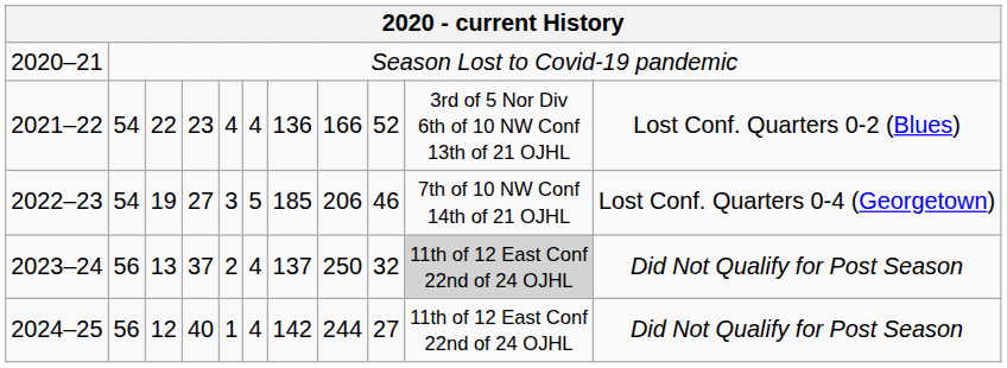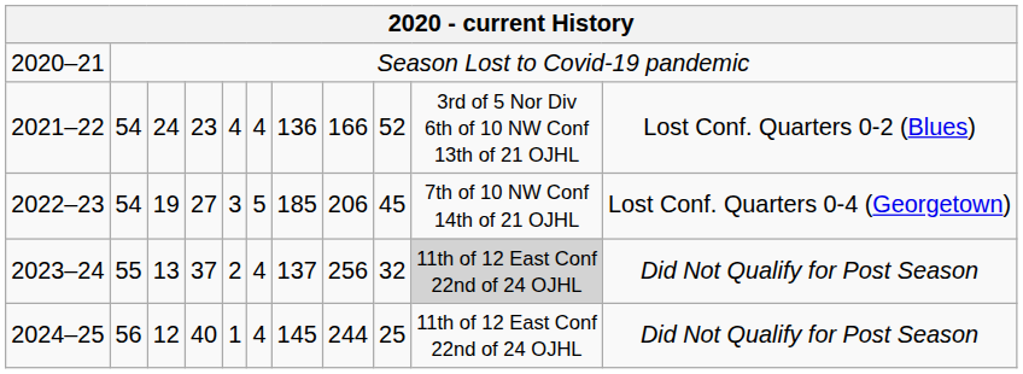 <table class="wikitable " style="text-align:center;">
 <tr>
 <th colspan=12 bgcolor="#822433" text_color=white><strong>2020 - current History</strong></th>
 </tr>
 <tr align="center">
 <td>2020–21</td>
 <td colspan=10><em>Season Lost to Covid-19 pandemic</em></td>
 </tr>
 <tr align="center">
 <td>2021–22</td>
 <td>54</td>
-<td>22</td>
+<td>24</td>
 <td>23</td>
 <td>4</td>
 <td>4</td>
 <td>136</td>
 <td>166</td>
 <td>52</td>
 <td><small>3rd of 5 Nor Div<br>6th of 10 NW Conf<br>13th of 21 OJHL</small></td>
 <td>Lost Conf. Quarters 0-2 (<a href='#'>Blues</a>)</td>
 </tr>
 <tr align="center">
 <td>2022–23</td>
 <td>54</td>
 <td>19</td>
 <td>27</td>
 <td>3</td>
 <td>5</td>
 <td>185</td>
 <td>206</td>
-<td>46</td>
+<td>45</td>
 <td><small>7th of 10 NW Conf<br>14th of 21 OJHL</small></td>
 <td>Lost Conf. Quarters 0-4 (<a href='#'>Georgetown</a>)</td>
 </tr>
 <tr align="center">
 <td>2023–24</td>
-<td>56</td>
+<td>55</td>
 <td>13</td>
 <td>37</td>
 <td>2</td>
 <td>4</td>
 <td>137</td>
-<td>250</td>
+<td>256</td>
 <td>32</td>
 <td style="background: lightgrey;"><small>11th of 12 East Conf<br>22nd of 24 OJHL</small></td>
 <td><em>Did Not Qualify for Post Season</em></td>
 </tr>
 <tr align="center">
 <td>2024–25</td>
 <td>56</td>
 <td>12</td>
 <td>40</td>
 <td>1</td>
 <td>4</td>
-<td>142</td>
+<td>145</td>
 <td>244</td>
-<td>27</td>
+<td>25</td>
 <td><small>11th of 12 East Conf<br>22nd of 24 OJHL</small></td>
 <td><em>Did Not Qualify for Post Season</em></td>
 </tr>
 </table>
